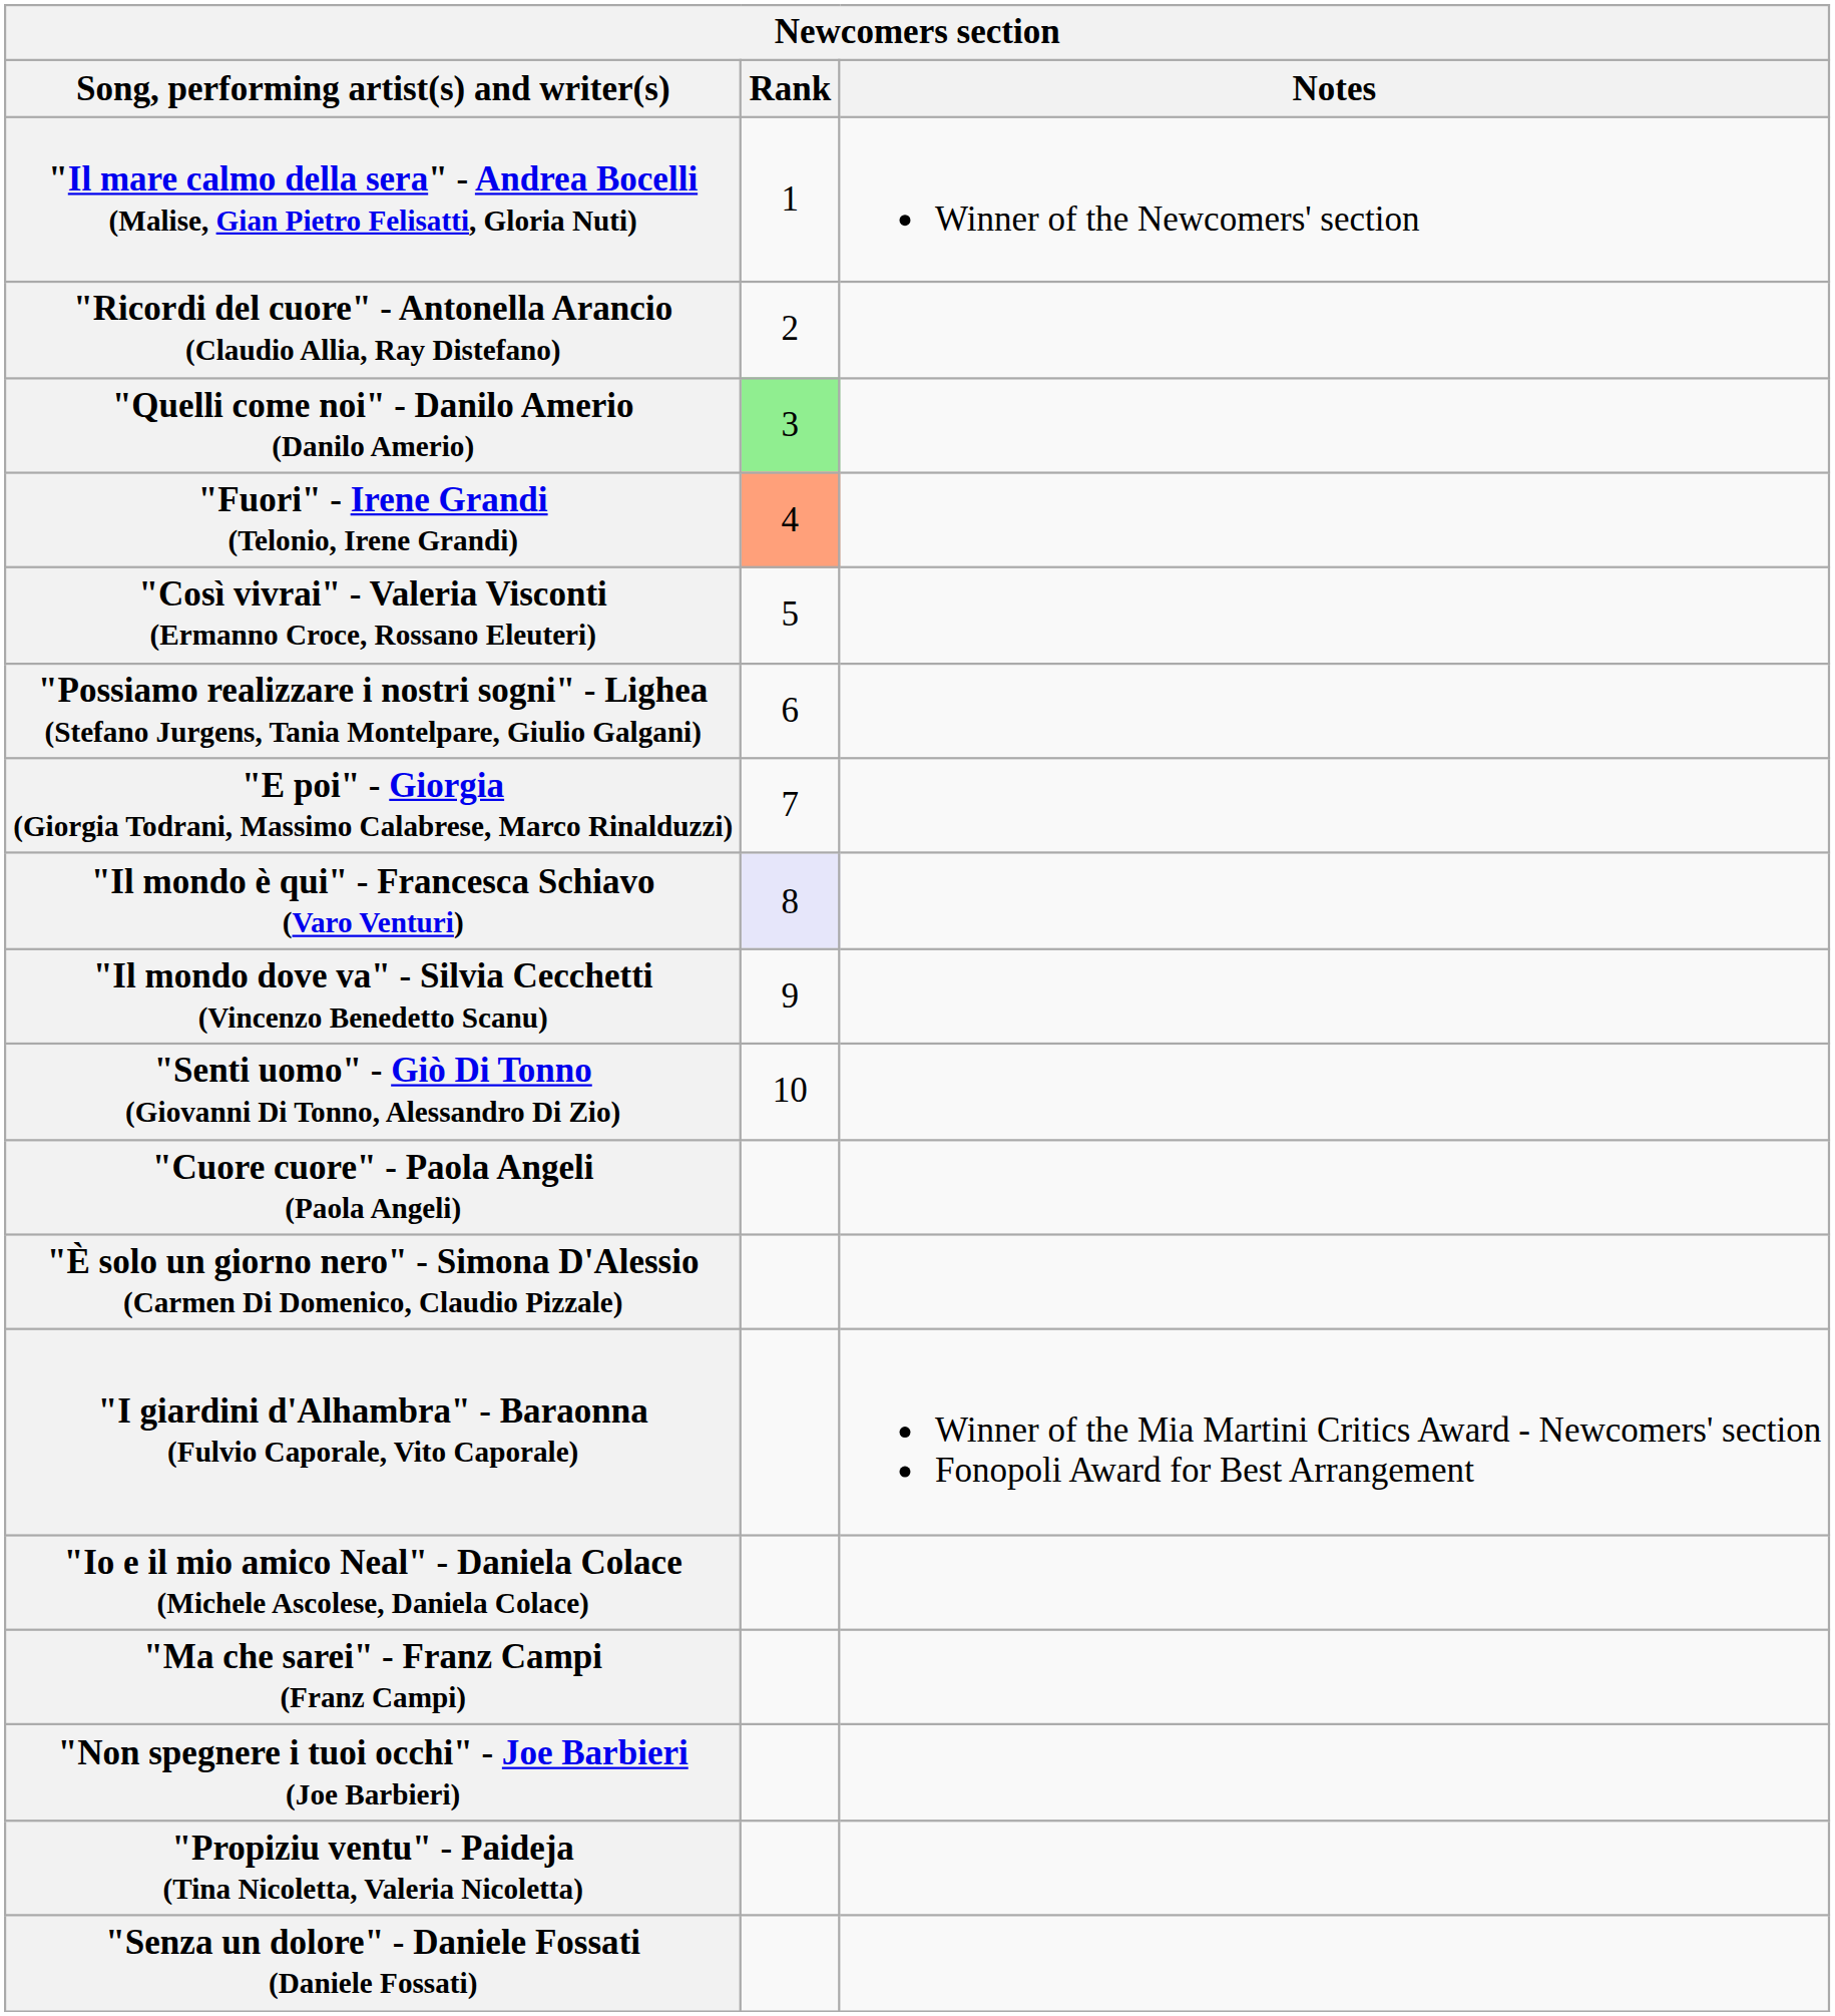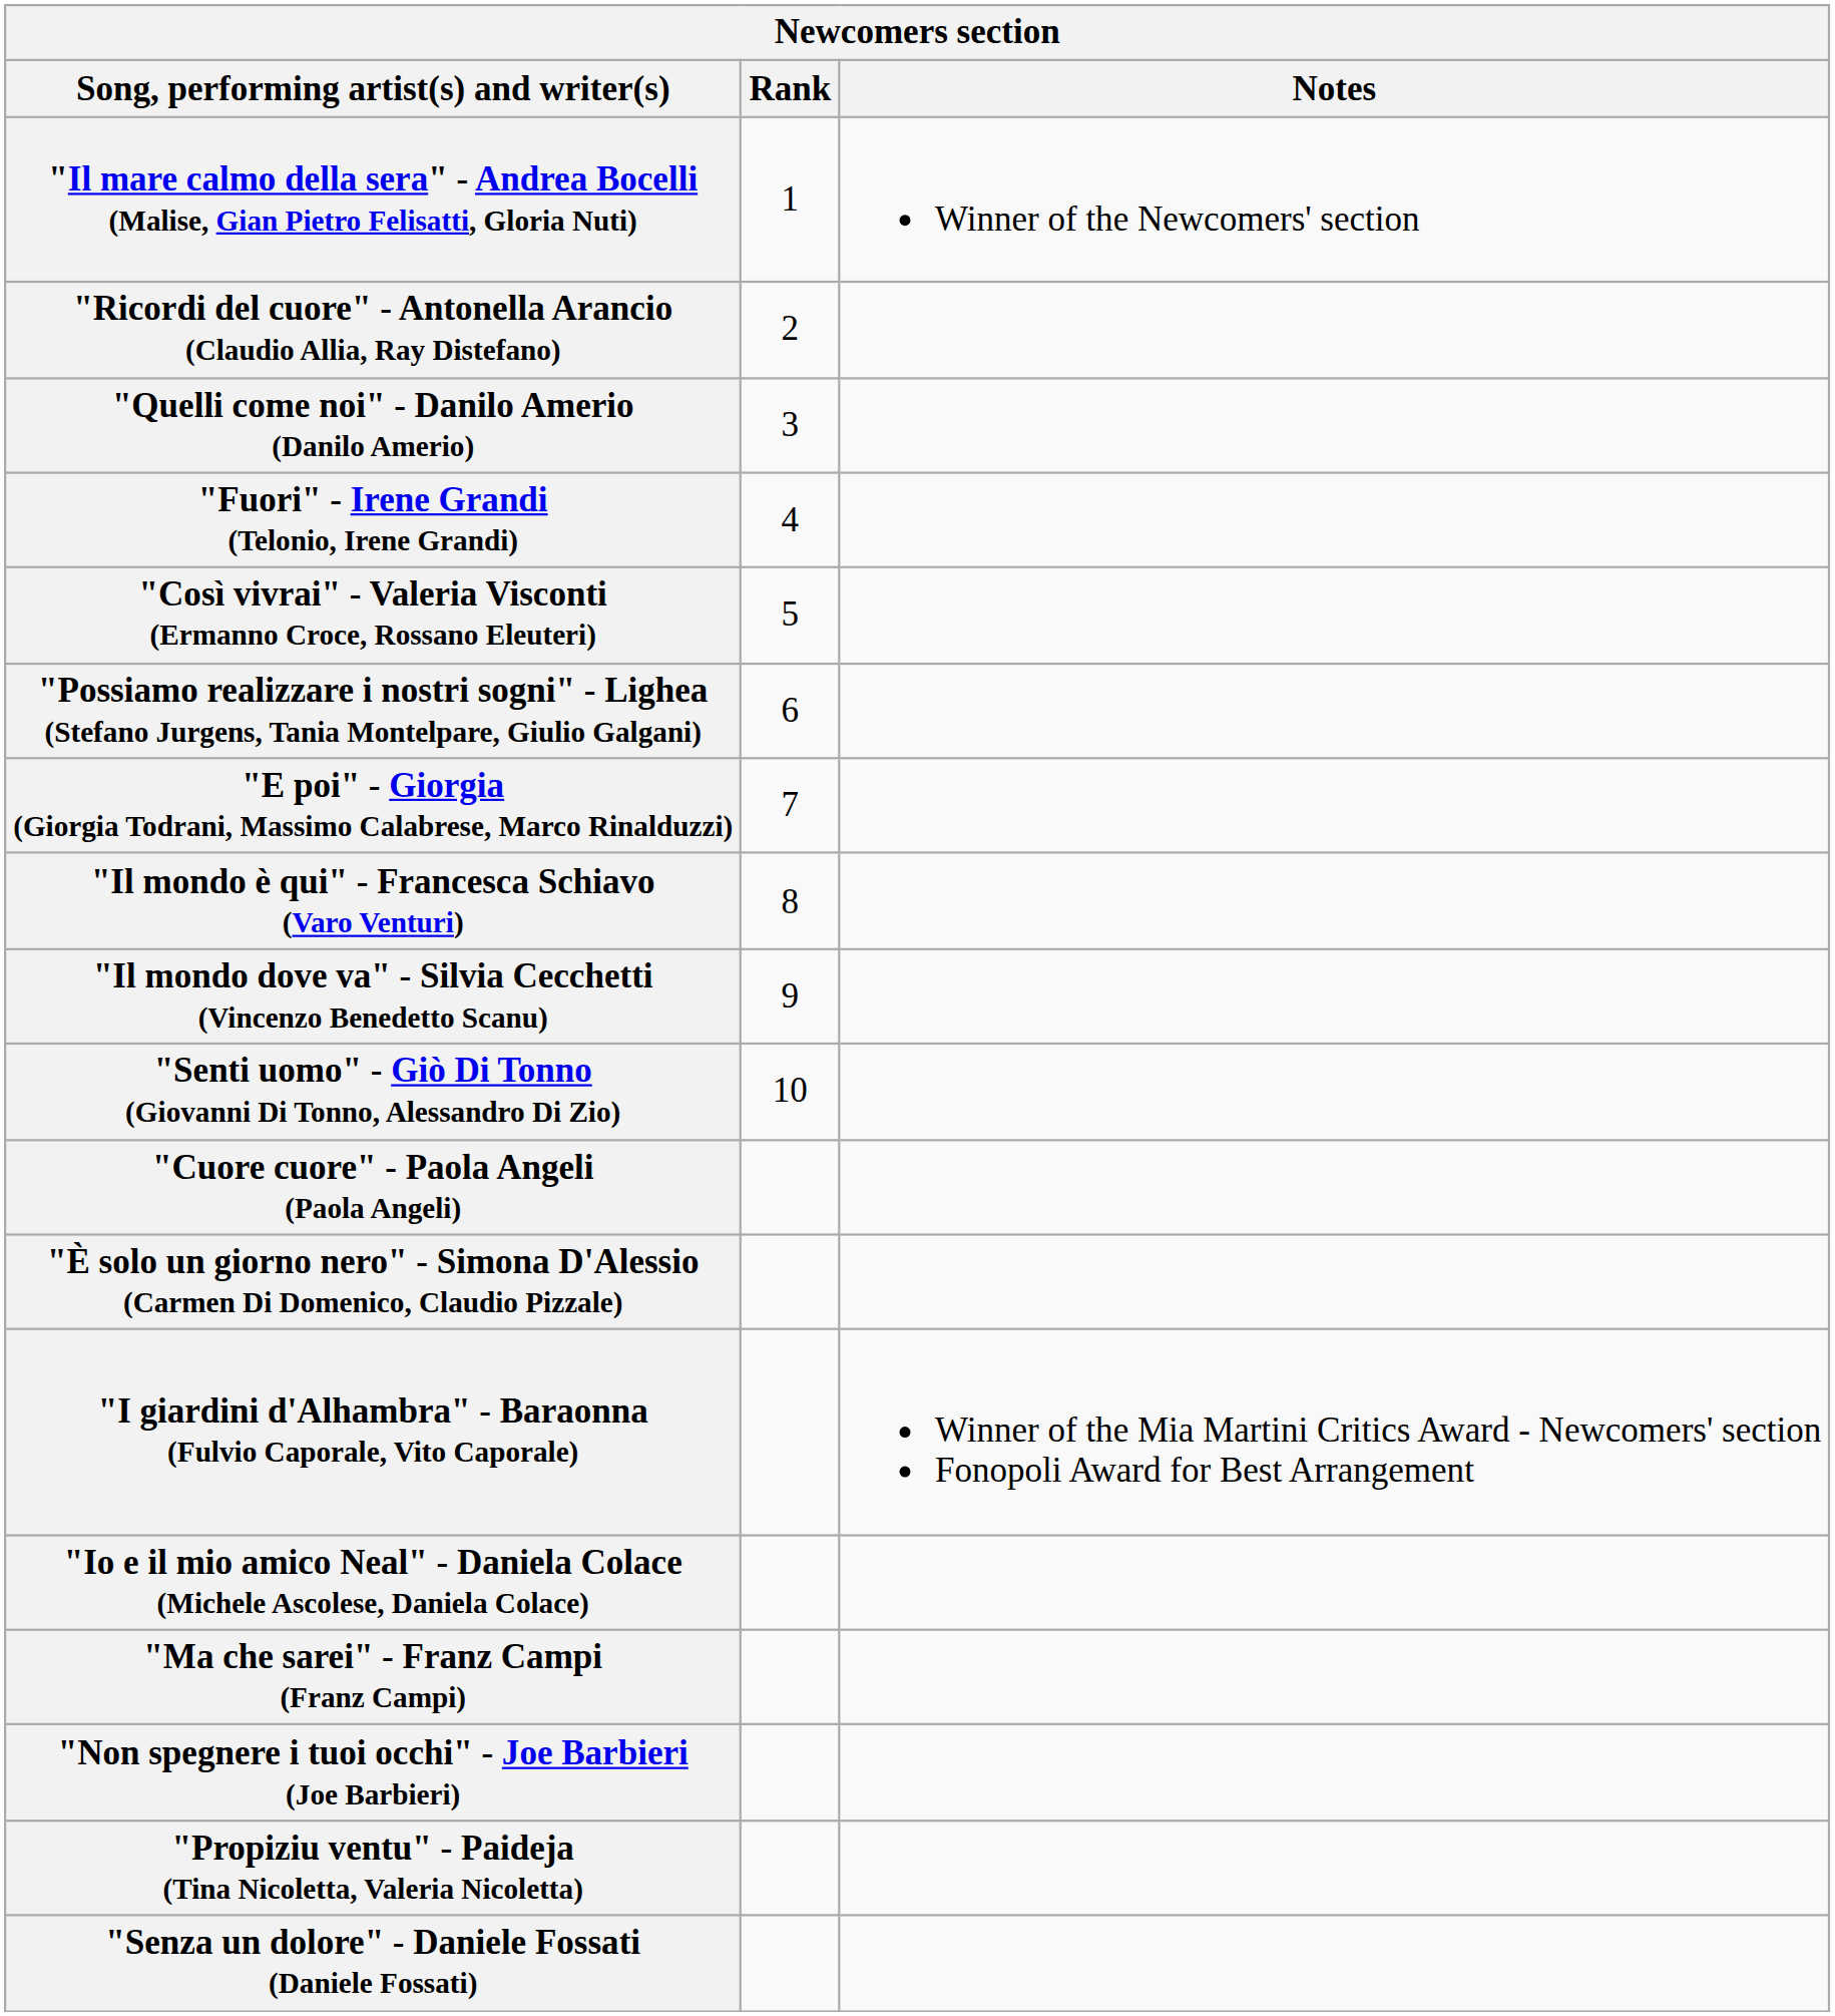 <table class="plainrowheaders wikitable">
 <tr>
 <th colspan="3">Newcomers section </th>
 </tr>
 <tr>
 <th>Song, performing artist(s) and writer(s)</th>
 <th>Rank</th>
 <th>Notes</th>
 </tr>
 <tr>
 <th scope="row">"<a href='#'>Il mare calmo della sera</a>" - <a href='#'>Andrea Bocelli</a>  <br><small> (Malise, <a href='#'>Gian Pietro Felisatti</a>, Gloria Nuti)</small></th>
 <td style="text-align:center;">1</td>
 <td><br><ul><li>Winner of the Newcomers' section</li></ul></td>
 </tr>
 <tr>
 <th scope="row">"Ricordi del cuore" -  Antonella Arancio <br><small> (Claudio Allia, Ray Distefano)</small></th>
 <td style="text-align:center;">2</td>
 <td></td>
 </tr>
 <tr>
 <th scope="row">"Quelli come noi" -  Danilo Amerio<br><small> (Danilo Amerio)</small></th>
-<td style="background: lightgreen; text-align:center;">3</td>
+<td style="text-align:center;">3</td>
 <td></td>
 </tr>
 <tr>
 <th scope="row">"Fuori" -  <a href='#'>Irene Grandi</a>  <br><small> (Telonio, Irene Grandi)</small></th>
-<td style="background: lightsalmon; text-align:center;">4</td>
+<td style="text-align:center;">4</td>
 <td></td>
 </tr>
 <tr>
 <th scope="row">"Così vivrai" -  Valeria Visconti  <br><small> (Ermanno Croce, Rossano Eleuteri)</small></th>
 <td style="text-align:center;">5</td>
 <td></td>
 </tr>
 <tr>
 <th scope="row">"Possiamo realizzare i nostri sogni" - Lighea   <br><small> (Stefano Jurgens, Tania Montelpare, Giulio Galgani)</small></th>
 <td style="text-align:center;">6</td>
 <td></td>
 </tr>
 <tr>
 <th scope="row">"E poi" - <a href='#'>Giorgia</a>   <br><small> (Giorgia Todrani, Massimo Calabrese, Marco Rinalduzzi)</small></th>
 <td style="text-align:center;">7</td>
 <td></td>
 </tr>
 <tr>
 <th scope="row">"Il mondo è qui" - Francesca Schiavo  <br><small> (<a href='#'>Varo Venturi</a>)</small></th>
-<td style="background: lavender; text-align:center;">8</td>
+<td style="text-align:center;">8</td>
 <td></td>
 </tr>
 <tr>
 <th scope="row">"Il mondo dove va" -   Silvia Cecchetti  <br><small> (Vincenzo Benedetto Scanu)</small></th>
 <td style="text-align:center;">9</td>
 <td></td>
 </tr>
 <tr>
 <th scope="row">"Senti uomo" -  <a href='#'>Giò Di Tonno</a>  <br><small> (Giovanni Di Tonno, Alessandro Di Zio)</small></th>
 <td style="text-align:center;">10</td>
 <td></td>
 </tr>
 <tr>
 <th scope="row">"Cuore cuore" - Paola Angeli  <br><small> (Paola Angeli)</small></th>
 <td></td>
 <td></td>
 </tr>
 <tr>
 <th scope="row">"È solo un giorno nero" - Simona D'Alessio  <br><small> (Carmen Di Domenico, Claudio Pizzale)</small></th>
 <td></td>
 <td></td>
 </tr>
 <tr>
 <th scope="row">"I giardini d'Alhambra" -  Baraonna <br><small> (Fulvio Caporale, Vito Caporale)</small></th>
 <td></td>
 <td><br><ul><li>Winner of the Mia Martini Critics Award - Newcomers' section</li><li>Fonopoli Award for Best Arrangement</li></ul></td>
 </tr>
 <tr>
 <th scope="row">"Io e il mio amico Neal" -   Daniela Colace <br><small> (Michele Ascolese, Daniela Colace)</small></th>
 <td></td>
 <td></td>
 </tr>
 <tr>
 <th scope="row">"Ma che sarei" -  Franz Campi<br><small> (Franz Campi)</small></th>
 <td></td>
 <td></td>
 </tr>
 <tr>
 <th scope="row">"Non spegnere i tuoi occhi" -  <a href='#'>Joe Barbieri</a> <br><small> (Joe Barbieri)</small></th>
 <td></td>
 <td></td>
 </tr>
 <tr>
 <th scope="row">"Propiziu ventu" - Paideja <br><small> (Tina Nicoletta, Valeria Nicoletta)</small></th>
 <td></td>
 <td></td>
 </tr>
 <tr>
 <th scope="row">"Senza un dolore" - Daniele Fossati <br><small> (Daniele Fossati)</small></th>
 <td></td>
 <td></td>
 </tr>
 <tr>
 </tr>
 </table>
